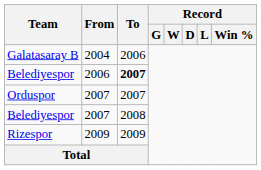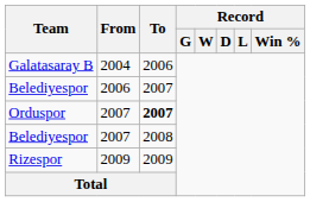 <table class="wikitable" style="text-align: center">
 <tr>
 <th rowspan="2">Team</th>
 <th rowspan="2">From</th>
 <th rowspan="2">To</th>
 <th colspan="5">Record</th>
 </tr>
 <tr>
 <th>G</th>
 <th>W</th>
 <th>D</th>
 <th>L</th>
 <th>Win %</th>
 </tr>
 <tr>
 <td align=left><a href='#'>Galatasaray B</a></td>
 <td align=left>2004</td>
 <td align=left>2006<br></td>
 </tr>
 <tr>
 <td align=left><a href='#'>Belediyespor</a></td>
 <td align=left>2006</td>
-<td align=left><strong>2007<br></strong></td>
+<td align=left>2007<br></td>
 </tr>
 <tr>
 <td align=left><a href='#'>Orduspor</a></td>
 <td align=left>2007</td>
-<td align=left>2007<br></td>
+<td align=left><strong>2007<br></strong></td>
 </tr>
 <tr>
 <td align=left><a href='#'>Belediyespor</a></td>
 <td align=left>2007</td>
 <td align=left>2008<br></td>
 </tr>
 <tr>
 <td align=left><a href='#'>Rizespor</a></td>
 <td align=left>2009</td>
 <td align=left>2009<br></td>
 </tr>
 <tr>
 <th colspan="3" align="center" valign=middle>Total<br></th>
 </tr>
 </table>
